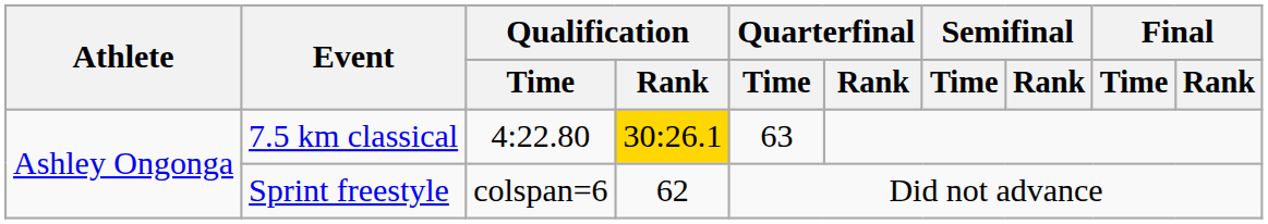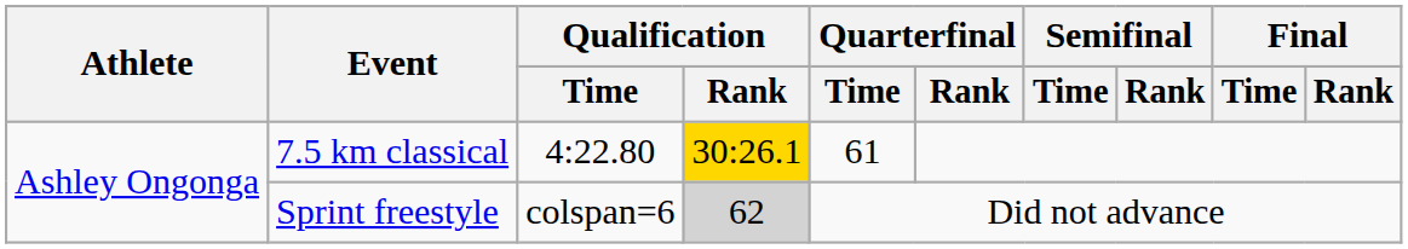 <table class="wikitable" style="font-size:90%">
 <tr>
 <th rowspan="2">Athlete</th>
 <th rowspan="2">Event</th>
 <th colspan="2">Qualification</th>
 <th colspan="2">Quarterfinal</th>
 <th colspan="2">Semifinal</th>
 <th colspan="2">Final</th>
 </tr>
 <tr style="font-size:95%">
 <th>Time</th>
 <th>Rank</th>
 <th>Time</th>
 <th>Rank</th>
 <th>Time</th>
 <th>Rank</th>
 <th>Time</th>
 <th>Rank</th>
 </tr>
 <tr align=center>
 <td align=left rowspan=2><a href='#'>Ashley Ongonga</a></td>
 <td align=left><a href='#'>7.5 km classical</a></td>
 <td>4:22.80</td>
 <td style="background: gold;">30:26.1</td>
-<td>63</td>
+<td>61</td>
 </tr>
 <tr align=center>
 <td align=left><a href='#'>Sprint freestyle</a></td>
 <td>colspan=6</td>
-<td>62</td>
+<td style="background: lightgrey;">62</td>
 <td colspan=6>Did not advance</td>
 </tr>
 </table>
